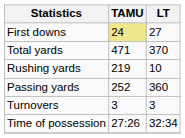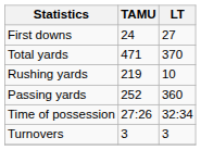 <table class="wikitable" style="float: left;">
 <tr>
 <th>Statistics</th>
 <th>TAMU</th>
 <th>LT</th>
 </tr>
 <tr>
 <td>First downs</td>
-<td style="background: khaki;">24</td>
+<td>24</td>
 <td>27</td>
 </tr>
 <tr>
 <td>Total yards</td>
 <td>471</td>
 <td>370</td>
 </tr>
 <tr>
 <td>Rushing yards</td>
 <td>219</td>
 <td>10</td>
 </tr>
 <tr>
 <td>Passing yards</td>
 <td>252</td>
 <td>360</td>
 </tr>
 <tr>
+<td>Time of possession</td>
+<td>27:26</td>
+<td>32:34</td>
+</tr>
+<tr>
 <td>Turnovers</td>
 <td>3</td>
 <td>3</td>
 </tr>
 <tr>
-<td>Time of possession</td>
-<td>27:26</td>
-<td>32:34</td>
-</tr>
-<tr>
 </tr>
 </table>
